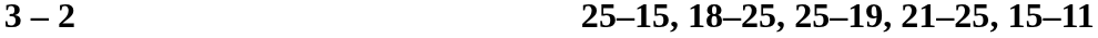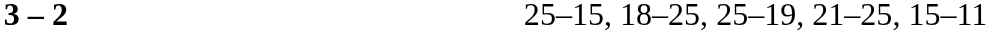 <table width=100% cellspacing=1>
 <tr>
 <th width=20%></th>
 <th width=12%></th>
 <th width=20%></th>
 <th width=33%></th>
 <td></td>
 </tr>
 <tr style=font-size:95%>
 <td align=right><strong></strong></td>
 <td align=center><strong>3 – 2</strong></td>
 <td></td>
-<td><strong>25–15, 18–25, 25–19, 21–25, 15–11</strong></td>
+<td>25–15, 18–25, 25–19, 21–25, 15–11</td>
 </tr>
 </table>
